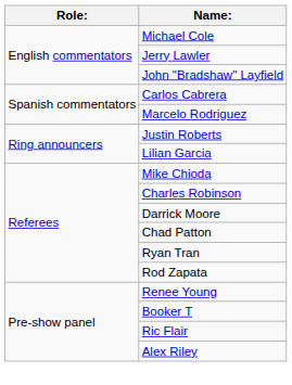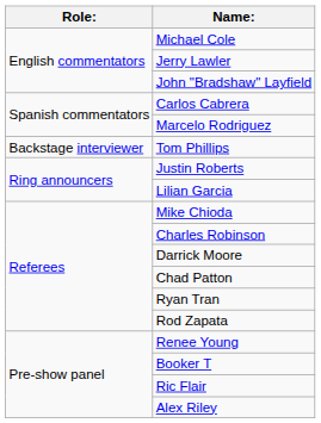 <table class=wikitable style="font-size:90%; margin: 0.5em 0 0.5em 1em; float: right; clear: right;">
 <tr>
 <th>Role:</th>
 <th>Name:</th>
 </tr>
 <tr>
 <td rowspan=3>English <a href='#'>commentators</a></td>
 <td><a href='#'>Michael Cole</a></td>
 </tr>
 <tr>
 <td><a href='#'>Jerry Lawler</a></td>
 </tr>
 <tr>
 <td><a href='#'>John "Bradshaw" Layfield</a></td>
 </tr>
 <tr>
 <td rowspan=2>Spanish commentators</td>
 <td><a href='#'>Carlos Cabrera</a></td>
 </tr>
 <tr>
 <td><a href='#'>Marcelo Rodriguez</a></td>
+</tr>
+<tr>
+<td>Backstage <a href='#'>interviewer</a></td>
+<td><a href='#'>Tom Phillips</a></td>
 </tr>
 <tr>
 <td rowspan=2><a href='#'>Ring announcers</a></td>
 <td><a href='#'>Justin Roberts</a></td>
 </tr>
 <tr>
 <td><a href='#'>Lilian Garcia</a></td>
 </tr>
 <tr>
 <td rowspan=6><a href='#'>Referees</a></td>
 <td><a href='#'>Mike Chioda</a></td>
 </tr>
 <tr>
 <td><a href='#'>Charles Robinson</a></td>
 </tr>
 <tr>
 <td>Darrick Moore</td>
 </tr>
 <tr>
 <td>Chad Patton</td>
 </tr>
 <tr>
 <td>Ryan Tran</td>
 </tr>
 <tr>
 <td>Rod Zapata</td>
 </tr>
 <tr>
 <td rowspan=4>Pre-show panel</td>
 <td><a href='#'>Renee Young</a></td>
 </tr>
 <tr>
 <td><a href='#'>Booker T</a></td>
 </tr>
 <tr>
 <td><a href='#'>Ric Flair</a></td>
 </tr>
 <tr>
 <td><a href='#'>Alex Riley</a></td>
 </tr>
 </table>
